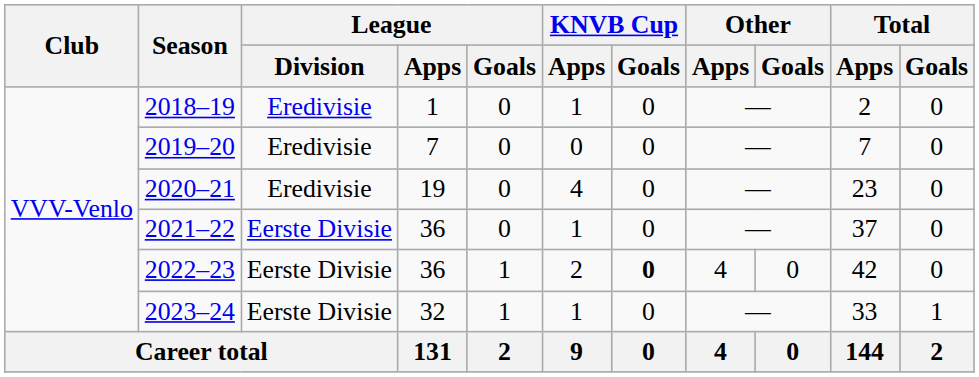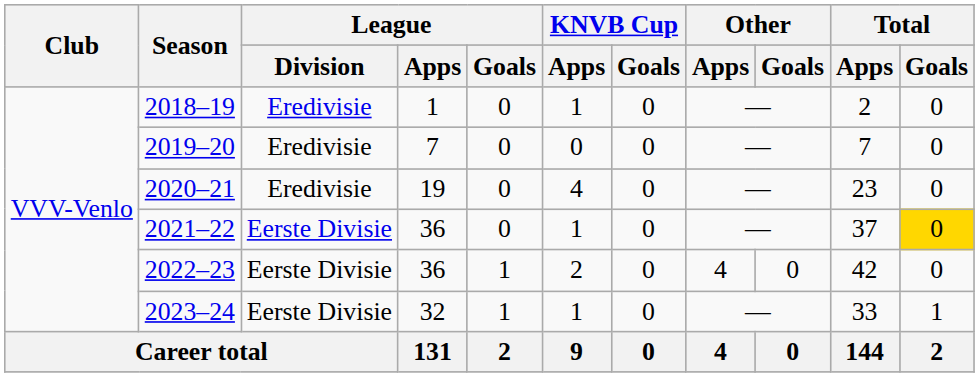 <table class="wikitable" style="text-align:center">
 <tr>
 <th rowspan="2">Club</th>
 <th rowspan="2">Season</th>
 <th colspan="3">League</th>
 <th colspan="2"><a href='#'>KNVB Cup</a></th>
 <th colspan="2">Other</th>
 <th colspan="2">Total</th>
 </tr>
 <tr>
 <th>Division</th>
 <th>Apps</th>
 <th>Goals</th>
 <th>Apps</th>
 <th>Goals</th>
 <th>Apps</th>
 <th>Goals</th>
 <th>Apps</th>
 <th>Goals</th>
 </tr>
 <tr>
 <td rowspan="6"><a href='#'>VVV-Venlo</a></td>
 <td><a href='#'>2018–19</a></td>
 <td><a href='#'>Eredivisie</a></td>
 <td>1</td>
 <td>0</td>
 <td>1</td>
 <td>0</td>
 <td colspan="2">—</td>
 <td>2</td>
 <td>0</td>
 </tr>
 <tr>
 <td><a href='#'>2019–20</a></td>
 <td>Eredivisie</td>
 <td>7</td>
 <td>0</td>
 <td>0</td>
 <td>0</td>
 <td colspan="2">—</td>
 <td>7</td>
 <td>0</td>
 </tr>
 <tr>
 <td><a href='#'>2020–21</a></td>
 <td>Eredivisie</td>
 <td>19</td>
 <td>0</td>
 <td>4</td>
 <td>0</td>
 <td colspan="2">—</td>
 <td>23</td>
 <td>0</td>
 </tr>
 <tr>
 <td><a href='#'>2021–22</a></td>
 <td><a href='#'>Eerste Divisie</a></td>
 <td>36</td>
 <td>0</td>
 <td>1</td>
 <td>0</td>
 <td colspan="2">—</td>
 <td>37</td>
-<td>0</td>
+<td style="background: gold;">0</td>
 </tr>
 <tr>
 <td><a href='#'>2022–23</a></td>
 <td>Eerste Divisie</td>
 <td>36</td>
 <td>1</td>
 <td>2</td>
-<td><strong>0</strong></td>
+<td>0</td>
 <td>4</td>
 <td>0</td>
 <td>42</td>
 <td>0</td>
 </tr>
 <tr>
 <td><a href='#'>2023–24</a></td>
 <td>Eerste Divisie</td>
 <td>32</td>
 <td>1</td>
 <td>1</td>
 <td>0</td>
 <td colspan="2">—</td>
 <td>33</td>
 <td>1</td>
 </tr>
 <tr>
 <th colspan="3">Career total</th>
 <th>131</th>
 <th>2</th>
 <th>9</th>
 <th>0</th>
 <th>4</th>
 <th>0</th>
 <th>144</th>
 <th>2</th>
 </tr>
 </table>
